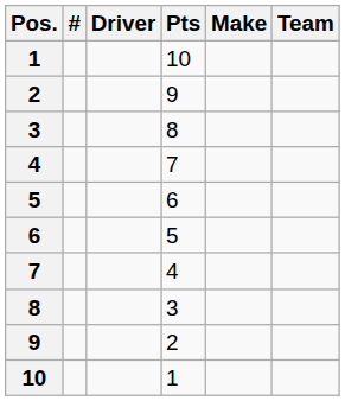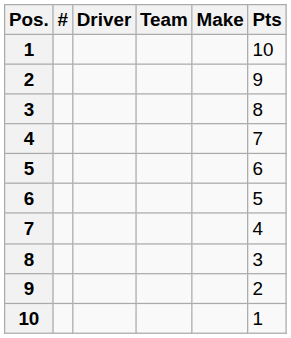 <table class="wikitable" style="font-size:95%">
 <tr>
 <th>Pos.</th>
 <th>#</th>
 <th>Driver</th>
+<th>Team</th>
+<th>Make</th>
 <th>Pts</th>
-<th>Make</th>
-<th>Team</th>
 </tr>
 <tr>
 <th>1</th>
 <td></td>
 <td></td>
-<td>10</td>
 <td></td>
 <td></td>
+<td>10</td>
 </tr>
 <tr>
 <th>2</th>
 <td></td>
 <td></td>
-<td>9</td>
 <td></td>
 <td></td>
+<td>9</td>
 </tr>
 <tr>
 <th>3</th>
 <td></td>
 <td></td>
-<td>8</td>
 <td></td>
 <td></td>
+<td>8</td>
 </tr>
 <tr>
 <th>4</th>
 <td></td>
 <td></td>
-<td>7</td>
 <td></td>
 <td></td>
+<td>7</td>
 </tr>
 <tr>
 <th>5</th>
 <td></td>
 <td></td>
-<td>6</td>
 <td></td>
 <td></td>
+<td>6</td>
 </tr>
 <tr>
 <th>6</th>
 <td></td>
 <td></td>
-<td>5</td>
 <td></td>
 <td></td>
+<td>5</td>
 </tr>
 <tr>
 <th>7</th>
 <td></td>
 <td></td>
-<td>4</td>
 <td></td>
 <td></td>
+<td>4</td>
 </tr>
 <tr>
 <th>8</th>
 <td></td>
 <td></td>
-<td>3</td>
 <td></td>
 <td></td>
+<td>3</td>
 </tr>
 <tr>
 <th>9</th>
 <td></td>
 <td></td>
-<td>2</td>
 <td></td>
 <td></td>
+<td>2</td>
 </tr>
 <tr>
 <th>10</th>
 <td></td>
 <td></td>
-<td>1</td>
 <td></td>
 <td></td>
+<td>1</td>
 </tr>
 </table>
